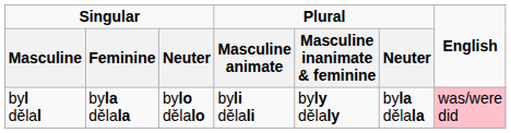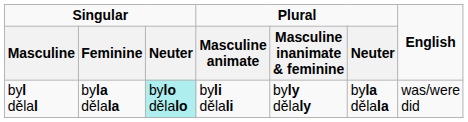 <table class=wikitable>
 <tr>
 <td colspan=3 align=center><strong>Singular</strong></td>
 <td colspan=3 align=center><strong>Plural</strong></td>
 <td Rowspan=2 align=center><strong>English</strong></td>
 </tr>
 <tr>
 <th>Masculine</th>
 <th>Feminine</th>
 <th>Neuter</th>
 <th>Masculine<br>animate</th>
 <th>Masculine<br>inanimate<br>& feminine</th>
 <th>Neuter</th>
 </tr>
 <tr>
 <td>by<strong>l</strong><br>děla<strong>l</strong></td>
 <td>by<strong>la</strong><br>děla<strong>la</strong></td>
-<td>by<strong>lo</strong><br>děla<strong>lo</strong></td>
+<td style="background: paleturquoise;">by<strong>lo</strong><br>děla<strong>lo</strong></td>
 <td>by<strong>li</strong><br>děla<strong>li</strong></td>
 <td>by<strong>ly</strong><br>děla<strong>ly</strong></td>
 <td>by<strong>la</strong><br>děla<strong>la</strong></td>
-<td style="background: pink;">was/were<br>did</td>
+<td>was/were<br>did</td>
 </tr>
 </table>
